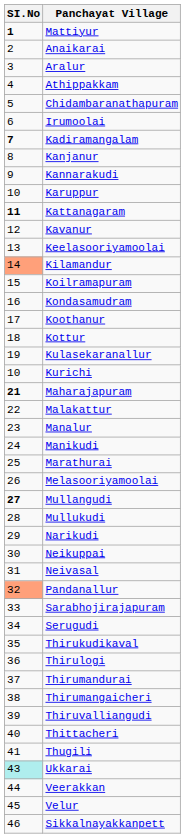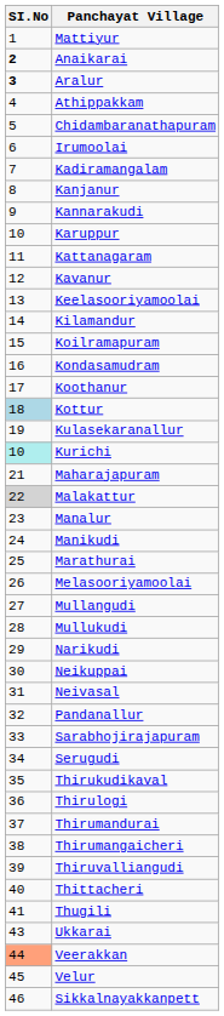 <table class="wikitable sortable">
 <tr>
 <th>SI.No</th>
 <th>Panchayat Village</th>
 </tr>
 <tr>
-<td><strong>1</strong></td>
+<td>1</td>
 <td><a href='#'>Mattiyur</a></td>
 </tr>
 <tr>
-<td>2</td>
+<td><strong>2</strong></td>
 <td><a href='#'>Anaikarai</a></td>
 </tr>
 <tr>
-<td>3</td>
+<td><strong>3</strong></td>
 <td><a href='#'>Aralur</a></td>
 </tr>
 <tr>
 <td>4</td>
 <td><a href='#'>Athippakkam</a></td>
 </tr>
 <tr>
 <td>5</td>
 <td><a href='#'>Chidambaranathapuram</a></td>
 </tr>
 <tr>
 <td>6</td>
 <td><a href='#'>Irumoolai</a></td>
 </tr>
 <tr>
-<td><strong>7</strong></td>
+<td>7</td>
 <td><a href='#'>Kadiramangalam</a></td>
 </tr>
 <tr>
 <td>8</td>
 <td><a href='#'>Kanjanur</a></td>
 </tr>
 <tr>
 <td>9</td>
 <td><a href='#'>Kannarakudi</a></td>
 </tr>
 <tr>
 <td>10</td>
 <td><a href='#'>Karuppur</a></td>
 </tr>
 <tr>
-<td><strong>11</strong></td>
+<td>11</td>
 <td><a href='#'>Kattanagaram</a></td>
 </tr>
 <tr>
 <td>12</td>
 <td><a href='#'>Kavanur</a></td>
 </tr>
 <tr>
 <td>13</td>
 <td><a href='#'>Keelasooriyamoolai</a></td>
 </tr>
 <tr>
-<td style="background: lightsalmon;">14</td>
+<td>14</td>
 <td><a href='#'>Kilamandur</a></td>
 </tr>
 <tr>
 <td>15</td>
 <td><a href='#'>Koilramapuram</a></td>
 </tr>
 <tr>
 <td>16</td>
 <td><a href='#'>Kondasamudram</a></td>
 </tr>
 <tr>
 <td>17</td>
 <td><a href='#'>Koothanur</a></td>
 </tr>
 <tr>
-<td>18</td>
+<td style="background: lightblue;">18</td>
 <td><a href='#'>Kottur</a></td>
 </tr>
 <tr>
 <td>19</td>
 <td><a href='#'>Kulasekaranallur</a></td>
 </tr>
 <tr>
-<td>10</td>
+<td style="background: paleturquoise;">10</td>
 <td><a href='#'>Kurichi</a></td>
 </tr>
 <tr>
-<td><strong>21</strong></td>
+<td>21</td>
 <td><a href='#'>Maharajapuram</a></td>
 </tr>
 <tr>
-<td>22</td>
+<td style="background: lightgrey;">22</td>
 <td><a href='#'>Malakattur</a></td>
 </tr>
 <tr>
 <td>23</td>
 <td><a href='#'>Manalur</a></td>
 </tr>
 <tr>
 <td>24</td>
 <td><a href='#'>Manikudi</a></td>
 </tr>
 <tr>
 <td>25</td>
 <td><a href='#'>Marathurai</a></td>
 </tr>
 <tr>
 <td>26</td>
 <td><a href='#'>Melasooriyamoolai</a></td>
 </tr>
 <tr>
-<td><strong>27</strong></td>
+<td>27</td>
 <td><a href='#'>Mullangudi</a></td>
 </tr>
 <tr>
 <td>28</td>
 <td><a href='#'>Mullukudi</a></td>
 </tr>
 <tr>
 <td>29</td>
 <td><a href='#'>Narikudi</a></td>
 </tr>
 <tr>
 <td>30</td>
 <td><a href='#'>Neikuppai</a></td>
 </tr>
 <tr>
 <td>31</td>
 <td><a href='#'>Neivasal</a></td>
 </tr>
 <tr>
-<td style="background: lightsalmon;">32</td>
+<td>32</td>
 <td><a href='#'>Pandanallur</a></td>
 </tr>
 <tr>
 <td>33</td>
 <td><a href='#'>Sarabhojirajapuram</a></td>
 </tr>
 <tr>
 <td>34</td>
 <td><a href='#'>Serugudi</a></td>
 </tr>
 <tr>
 <td>35</td>
 <td><a href='#'>Thirukudikaval</a></td>
 </tr>
 <tr>
 <td>36</td>
 <td><a href='#'>Thirulogi</a></td>
 </tr>
 <tr>
 <td>37</td>
 <td><a href='#'>Thirumandurai</a></td>
 </tr>
 <tr>
 <td>38</td>
 <td><a href='#'>Thirumangaicheri</a></td>
 </tr>
 <tr>
 <td>39</td>
 <td><a href='#'>Thiruvalliangudi</a></td>
 </tr>
 <tr>
 <td>40</td>
 <td><a href='#'>Thittacheri</a></td>
 </tr>
 <tr>
 <td>41</td>
 <td><a href='#'>Thugili</a></td>
 </tr>
 <tr>
-<td style="background: paleturquoise;">43</td>
+<td>43</td>
 <td><a href='#'>Ukkarai</a></td>
 </tr>
 <tr>
-<td>44</td>
+<td style="background: lightsalmon;">44</td>
 <td><a href='#'>Veerakkan</a></td>
 </tr>
 <tr>
 <td>45</td>
 <td><a href='#'>Velur</a></td>
 </tr>
 <tr>
 <td>46</td>
 <td><a href='#'>Sikkalnayakkanpett</a></td>
 </tr>
 </table>
